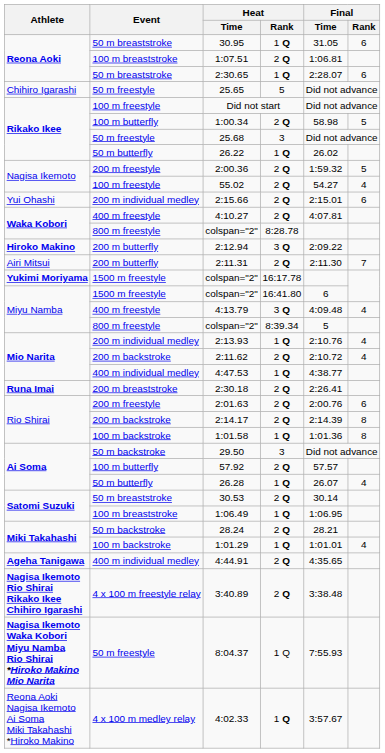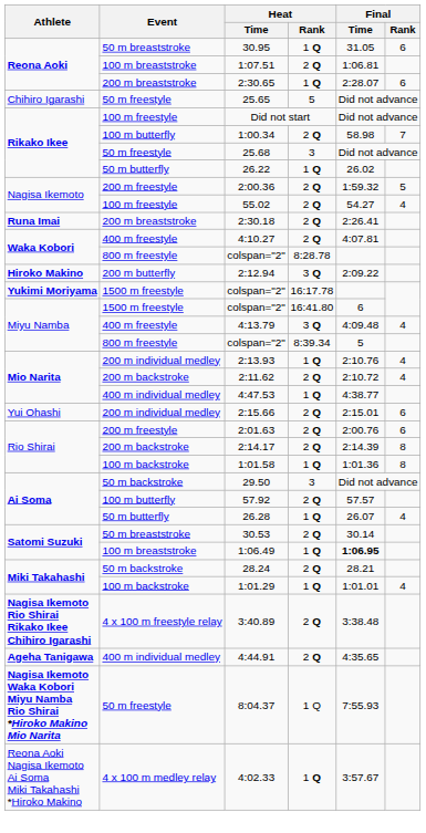 <table class=wikitable style="font-size:90%">
 <tr>
 <th rowspan="2">Athlete</th>
 <th rowspan="2">Event</th>
 <th colspan="2">Heat</th>
 <th colspan="2">Final</th>
 </tr>
 <tr style="font-size:95%">
 <th>Time</th>
 <th>Rank</th>
 <th>Time</th>
 <th>Rank</th>
 </tr>
 <tr align=center>
 <td rowspan="3" align=left><strong><a href='#'>Reona Aoki</a></strong></td>
 <td align=left><a href='#'>50 m breaststroke</a></td>
 <td>30.95</td>
 <td>1 <strong>Q</strong></td>
 <td>31.05</td>
 <td>6</td>
 </tr>
 <tr align=center>
 <td align=left><a href='#'>100 m breaststroke</a></td>
 <td>1:07.51</td>
 <td>2 <strong>Q</strong></td>
 <td>1:06.81</td>
 <td></td>
 </tr>
 <tr align=center>
-<td align=left><a href='#'>50 m breaststroke</a></td>
+<td align=left><a href='#'>200 m breaststroke</a></td>
 <td>2:30.65</td>
 <td>1 <strong>Q</strong></td>
 <td>2:28.07</td>
 <td>6</td>
 </tr>
 <tr align=center>
 <td align=left><a href='#'>Chihiro Igarashi</a></td>
 <td align=left><a href='#'>50 m freestyle</a></td>
 <td>25.65</td>
 <td>5</td>
 <td colspan="2">Did not advance</td>
 </tr>
 <tr align=center>
 <td rowspan="4" align=left><strong><a href='#'>Rikako Ikee</a></strong></td>
 <td align=left><a href='#'>100 m freestyle</a></td>
 <td colspan="2">Did not start</td>
 <td colspan="2">Did not advance</td>
 </tr>
 <tr align=center>
 <td align=left><a href='#'>100 m butterfly</a></td>
 <td>1:00.34</td>
 <td>2 <strong>Q</strong></td>
 <td>58.98</td>
-<td>5</td>
+<td>7</td>
 </tr>
 <tr align=center>
 <td align=left><a href='#'>50 m freestyle</a></td>
 <td>25.68</td>
 <td>3</td>
 <td colspan="2">Did not advance</td>
 </tr>
 <tr align=center>
 <td align=left><a href='#'>50 m butterfly</a></td>
 <td>26.22</td>
 <td>1 <strong>Q</strong></td>
 <td>26.02</td>
 <td></td>
 </tr>
 <tr align=center>
 <td rowspan="2" align=left><a href='#'>Nagisa Ikemoto</a></td>
 <td align=left><a href='#'>200 m freestyle</a></td>
 <td>2:00.36</td>
 <td>2 <strong>Q</strong></td>
 <td>1:59.32</td>
 <td>5</td>
 </tr>
 <tr align=center>
 <td align=left><a href='#'>100 m freestyle</a></td>
 <td>55.02</td>
 <td>2 <strong>Q</strong></td>
 <td>54.27</td>
 <td>4</td>
 </tr>
 <tr align=center>
-<td align=left><a href='#'>Yui Ohashi</a></td>
-<td align=left><a href='#'>200 m individual medley</a></td>
-<td>2:15.66</td>
+<td align=left><strong><a href='#'>Runa Imai</a></strong></td>
+<td align=left><a href='#'>200 m breaststroke</a></td>
+<td>2:30.18</td>
 <td>2 <strong>Q</strong></td>
-<td>2:15.01</td>
-<td>6</td>
+<td>2:26.41</td>
+<td></td>
 </tr>
 <tr align=center>
 <td align=left rowspan="2"><strong><a href='#'>Waka Kobori</a></strong></td>
 <td align=left><a href='#'>400 m freestyle</a></td>
 <td>4:10.27</td>
 <td>2 <strong>Q</strong></td>
 <td>4:07.81</td>
 <td></td>
 </tr>
 <tr align=center>
 <td align=left><a href='#'>800 m freestyle</a></td>
 <td>colspan="2" </td>
 <td>8:28.78</td>
 <td></td>
 </tr>
 <tr align=center>
 <td align=left><strong><a href='#'>Hiroko Makino</a></strong></td>
 <td align=left><a href='#'>200 m butterfly</a></td>
 <td>2:12.94</td>
 <td>3 <strong>Q</strong></td>
 <td>2:09.22</td>
 <td></td>
-</tr>
-<tr align=center>
-<td align=left><a href='#'>Airi Mitsui</a></td>
-<td align=left><a href='#'>200 m butterfly</a></td>
-<td>2:11.31</td>
-<td>2 <strong>Q</strong></td>
-<td>2:11.30</td>
-<td>7</td>
 </tr>
 <tr align=center>
 <td align=left><strong><a href='#'>Yukimi Moriyama</a></strong></td>
 <td align=left><a href='#'>1500 m freestyle</a></td>
 <td>colspan="2" </td>
 <td>16:17.78</td>
 <td></td>
 </tr>
 <tr align=center>
 <td rowspan="3" align=left><a href='#'>Miyu Namba</a></td>
 <td align=left><a href='#'>1500 m freestyle</a></td>
 <td>colspan="2" </td>
 <td>16:41.80</td>
 <td>6</td>
 </tr>
 <tr align=center>
 <td align=left><a href='#'>400 m freestyle</a></td>
 <td>4:13.79</td>
 <td>3 <strong>Q</strong></td>
 <td>4:09.48</td>
 <td>4</td>
 </tr>
 <tr align=center>
 <td align=left><a href='#'>800 m freestyle</a></td>
 <td>colspan="2" </td>
 <td>8:39.34</td>
 <td>5</td>
 </tr>
 <tr align=center>
 <td rowspan="3" align=left><strong><a href='#'>Mio Narita</a></strong></td>
 <td align=left><a href='#'>200 m individual medley</a></td>
 <td>2:13.93</td>
 <td>1 <strong>Q</strong></td>
 <td>2:10.76</td>
 <td>4</td>
 </tr>
 <tr align=center>
 <td align=left><a href='#'>200 m backstroke</a></td>
 <td>2:11.62</td>
 <td>2 <strong>Q</strong></td>
 <td>2:10.72</td>
 <td>4</td>
 </tr>
 <tr align=center>
 <td align=left><a href='#'>400 m individual medley</a></td>
 <td>4:47.53</td>
 <td>1 <strong>Q</strong></td>
 <td>4:38.77</td>
 <td></td>
 </tr>
 <tr align=center>
-<td align=left><strong><a href='#'>Runa Imai</a></strong></td>
-<td align=left><a href='#'>200 m breaststroke</a></td>
-<td>2:30.18</td>
+<td align=left><a href='#'>Yui Ohashi</a></td>
+<td align=left><a href='#'>200 m individual medley</a></td>
+<td>2:15.66</td>
 <td>2 <strong>Q</strong></td>
-<td>2:26.41</td>
-<td></td>
+<td>2:15.01</td>
+<td>6</td>
 </tr>
 <tr align=center>
 <td rowspan="3" align=left><a href='#'>Rio Shirai</a></td>
 <td align=left><a href='#'>200 m freestyle</a></td>
 <td>2:01.63</td>
 <td>2 <strong>Q</strong></td>
 <td>2:00.76</td>
 <td>6</td>
 </tr>
 <tr align=center>
 <td align=left><a href='#'>200 m backstroke</a></td>
 <td>2:14.17</td>
 <td>2 <strong>Q</strong></td>
 <td>2:14.39</td>
 <td>8</td>
 </tr>
 <tr align=center>
 <td align=left><a href='#'>100 m backstroke</a></td>
 <td>1:01.58</td>
 <td>1 <strong>Q</strong></td>
 <td>1:01.36</td>
 <td>8</td>
 </tr>
 <tr align=center>
 <td rowspan="3" align=left><strong><a href='#'>Ai Soma</a></strong></td>
 <td align=left><a href='#'>50 m backstroke</a></td>
 <td>29.50</td>
 <td>3</td>
 <td colspan="2">Did not advance</td>
 </tr>
 <tr align=center>
 <td align=left><a href='#'>100 m butterfly</a></td>
 <td>57.92</td>
 <td>2 <strong>Q</strong></td>
 <td>57.57</td>
 <td></td>
 </tr>
 <tr align=center>
 <td align=left><a href='#'>50 m butterfly</a></td>
 <td>26.28</td>
 <td>1 <strong>Q</strong></td>
 <td>26.07</td>
 <td>4</td>
 </tr>
 <tr align=center>
 <td rowspan="2" align=left><strong><a href='#'>Satomi Suzuki</a></strong></td>
 <td align=left><a href='#'>50 m breaststroke</a></td>
 <td>30.53</td>
 <td>2 <strong>Q</strong></td>
 <td>30.14</td>
 <td></td>
 </tr>
 <tr align=center>
 <td align=left><a href='#'>100 m breaststroke</a></td>
 <td>1:06.49</td>
 <td>1 <strong>Q</strong></td>
-<td>1:06.95</td>
+<td><strong>1:06.95</strong></td>
 <td></td>
 </tr>
 <tr align=center>
 <td rowspan="2" align=left><strong><a href='#'>Miki Takahashi</a></strong></td>
 <td align=left><a href='#'>50 m backstroke</a></td>
 <td>28.24</td>
 <td>2 <strong>Q</strong></td>
 <td>28.21</td>
 <td></td>
 </tr>
 <tr align=center>
 <td align=left><a href='#'>100 m backstroke</a></td>
 <td>1:01.29</td>
 <td>1 <strong>Q</strong></td>
 <td>1:01.01</td>
 <td>4</td>
 </tr>
 <tr align=center>
+<td align=left><strong><a href='#'>Nagisa Ikemoto</a><br><a href='#'>Rio Shirai</a><br><a href='#'>Rikako Ikee</a><br><a href='#'>Chihiro Igarashi</a></strong></td>
+<td align=left><a href='#'>4 x 100 m freestyle relay</a></td>
+<td>3:40.89</td>
+<td>2 <strong>Q</strong></td>
+<td>3:38.48</td>
+<td></td>
+</tr>
+<tr align=center>
 <td align=left><strong><a href='#'>Ageha Tanigawa</a></strong></td>
 <td align=left><a href='#'>400 m individual medley</a></td>
 <td>4:44.91</td>
 <td>2 <strong>Q</strong></td>
 <td>4:35.65</td>
-<td></td>
-</tr>
-<tr align=center>
-<td align=left><strong><a href='#'>Nagisa Ikemoto</a><br><a href='#'>Rio Shirai</a><br><a href='#'>Rikako Ikee</a><br><a href='#'>Chihiro Igarashi</a></strong></td>
-<td align=left><a href='#'>4 x 100 m freestyle relay</a></td>
-<td>3:40.89</td>
-<td>2 <strong>Q</strong></td>
-<td>3:38.48</td>
 <td></td>
 </tr>
 <tr align=center>
 <td align=left><strong><a href='#'>Nagisa Ikemoto</a><br><a href='#'>Waka Kobori</a><br><a href='#'>Miyu Namba</a><br><a href='#'>Rio Shirai</a><br><em>*<a href='#'>Hiroko Makino</a><br><a href='#'>Mio Narita</a><strong><em></td>
 <td align=left><a href='#'>50 m freestyle</a></td>
 <td>8:04.37</td>
 <td>1 </strong>Q<strong></td>
 <td>7:55.93</td>
 <td></td>
 </tr>
 <tr align=center>
 <td align=left></strong><a href='#'>Reona Aoki</a><br><a href='#'>Nagisa Ikemoto</a><br><a href='#'>Ai Soma</a><br><a href='#'>Miki Takahashi</a><br></em>*<a href='#'>Hiroko Makino</a></em></strong></td>
 <td align=left><a href='#'>4 x 100 m medley relay</a></td>
 <td>4:02.33</td>
 <td>1 <strong>Q</strong></td>
 <td>3:57.67</td>
 <td></td>
 </tr>
 </table>
